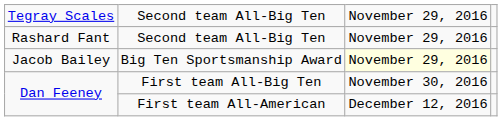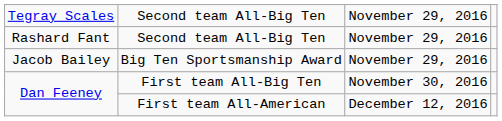 <table class="wikitable" style="text-align: center">
 <tr>
 <td><a href='#'>Tegray Scales</a></td>
 <td>Second team All-Big Ten</td>
 <td>November 29, 2016</td>
 <td></td>
 </tr>
 <tr>
 <td>Rashard Fant</td>
 <td>Second team All-Big Ten</td>
 <td>November 29, 2016</td>
 <td></td>
 </tr>
 <tr>
 <td>Jacob Bailey</td>
 <td>Big Ten Sportsmanship Award</td>
-<td style="background: lightyellow;">November 29, 2016</td>
+<td>November 29, 2016</td>
 <td></td>
 </tr>
 <tr>
 <td rowspan="2"><a href='#'>Dan Feeney</a></td>
 <td>First team All-Big Ten</td>
 <td>November 30, 2016</td>
 <td></td>
 </tr>
 <tr>
 <td>First team All-American</td>
 <td>December 12, 2016</td>
 <td></td>
 </tr>
 </table>
